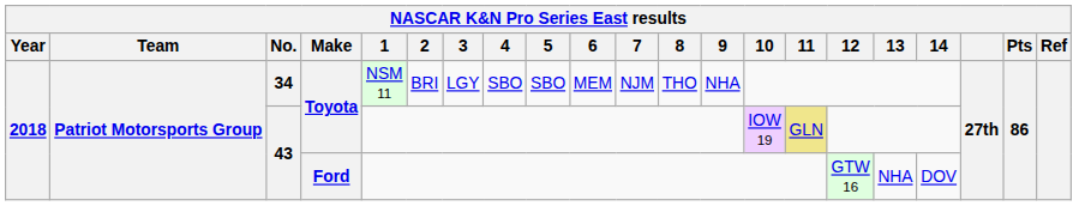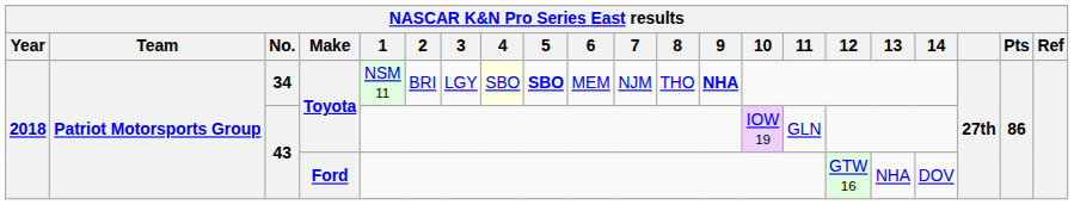 <table class="wikitable" style="text-align:center; font-size:75%">
 <tr>
 <th colspan="21"><a href='#'>NASCAR K&N Pro Series East</a> results</th>
 </tr>
 <tr>
 <th>Year</th>
 <th>Team</th>
 <th>No.</th>
 <th>Make</th>
 <th>1</th>
 <th>2</th>
 <th>3</th>
 <th>4</th>
 <th>5</th>
 <th>6</th>
 <th>7</th>
 <th>8</th>
 <th>9</th>
 <th>10</th>
 <th>11</th>
 <th>12</th>
 <th>13</th>
 <th>14</th>
 <th></th>
 <th>Pts</th>
 <th>Ref</th>
 </tr>
 <tr>
 <th rowspan=3><a href='#'>2018</a></th>
 <th rowspan=3><a href='#'>Patriot Motorsports Group</a></th>
 <th>34</th>
 <th rowspan=2><a href='#'>Toyota</a></th>
 <td style="background-color:#DFFFDF"><a href='#'>NSM</a><br><small>11</small></td>
 <td><a href='#'>BRI</a></td>
 <td><a href='#'>LGY</a></td>
-<td><a href='#'>SBO</a></td>
-<td><a href='#'>SBO</a></td>
+<td style="background: lightyellow;"><a href='#'>SBO</a></td>
+<td><strong><a href='#'>SBO</a></strong></td>
 <td><a href='#'>MEM</a></td>
 <td><a href='#'>NJM</a></td>
 <td><a href='#'>THO</a></td>
-<td><a href='#'>NHA</a></td>
+<td><strong><a href='#'>NHA</a></strong></td>
 <td colspan=5></td>
 <th rowspan=3>27th</th>
 <th rowspan=3>86</th>
 <th rowspan=3></th>
 </tr>
 <tr>
 <th rowspan=2>43</th>
 <td colspan=9></td>
 <td style="background-color:#EFCFFF"><a href='#'>IOW</a><br><small>19</small></td>
-<td style="background: khaki;"><a href='#'>GLN</a></td>
+<td><a href='#'>GLN</a></td>
 <td colspan=3></td>
 </tr>
 <tr>
 <th><a href='#'>Ford</a></th>
 <td colspan=11></td>
 <td style="background:#DFFFDF;"><a href='#'>GTW</a><br><small>16</small></td>
 <td><a href='#'>NHA</a></td>
 <td><a href='#'>DOV</a></td>
 </tr>
 </table>
